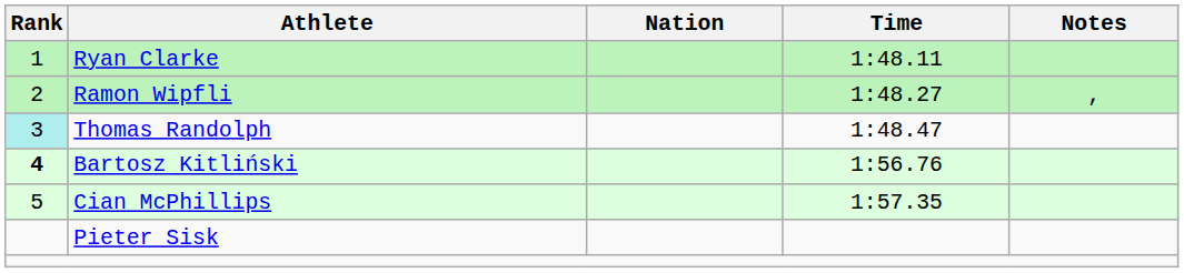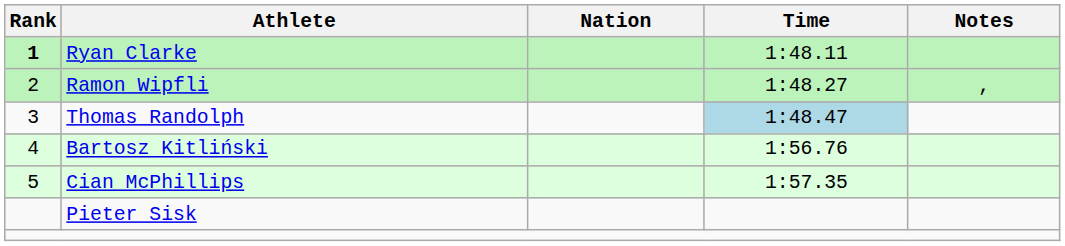 <table class="wikitable sortable" style="text-align:center;width: 55%;">
 <tr>
 <th scope="col" style="width: 10px;">Rank</th>
 <th scope="col">Athlete</th>
 <th scope="col">Nation</th>
 <th scope="col">Time</th>
 <th scope="col">Notes</th>
 </tr>
 <tr bgcolor=bbf3bb>
-<td>1</td>
+<td><strong>1</strong></td>
 <td align=left><a href='#'>Ryan Clarke</a></td>
 <td align=left></td>
 <td>1:48.11</td>
 <td></td>
 </tr>
 <tr bgcolor=bbf3bb>
 <td>2</td>
 <td align=left><a href='#'>Ramon Wipfli</a></td>
 <td align=left></td>
 <td>1:48.27</td>
 <td>, </td>
 </tr>
 <tr>
-<td style="background: paleturquoise;">3</td>
+<td>3</td>
 <td align=left><a href='#'>Thomas Randolph</a></td>
 <td align=left></td>
-<td>1:48.47</td>
+<td style="background: lightblue;">1:48.47</td>
 <td></td>
 </tr>
 <tr bgcolor=ddffdd>
-<td><strong>4</strong></td>
+<td>4</td>
 <td align=left><a href='#'>Bartosz Kitliński</a></td>
 <td align=left></td>
 <td>1:56.76</td>
 <td></td>
 </tr>
 <tr bgcolor=ddffdd>
 <td>5</td>
 <td align=left><a href='#'>Cian McPhillips</a></td>
 <td align=left></td>
 <td>1:57.35</td>
 <td></td>
 </tr>
 <tr>
 <td></td>
 <td align=left><a href='#'>Pieter Sisk</a></td>
 <td align=left></td>
 <td></td>
 <td></td>
 </tr>
 <tr class="sortbottom">
 <td colspan="5"></td>
 </tr>
 </table>
